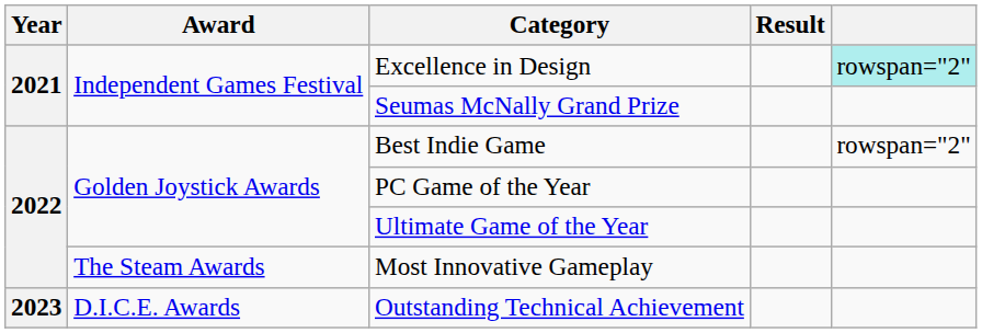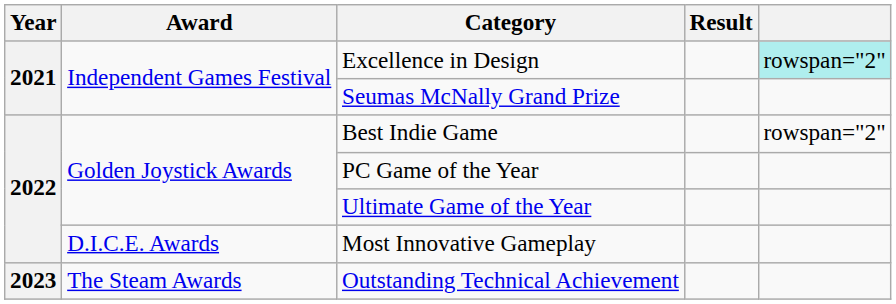 <table class="wikitable sortable plainrowheaders">
 <tr>
 <th scope="col">Year</th>
 <th scope="col">Award</th>
 <th scope="col">Category</th>
 <th scope="col">Result</th>
 <th scope="col" class="unsortable"></th>
 </tr>
 <tr>
 <th scope="row" rowspan="2">2021</th>
 <td rowspan="2"><a href='#'>Independent Games Festival</a></td>
 <td>Excellence in Design</td>
 <td></td>
 <td style="background: paleturquoise;">rowspan="2" </td>
 </tr>
 <tr>
 <td><a href='#'>Seumas McNally Grand Prize</a></td>
 <td></td>
 </tr>
 <tr>
 <th scope="row" rowspan="4">2022</th>
 <td rowspan="3"><a href='#'>Golden Joystick Awards</a></td>
 <td>Best Indie Game</td>
 <td></td>
 <td>rowspan="2" </td>
 </tr>
 <tr>
 <td>PC Game of the Year</td>
 <td></td>
 </tr>
 <tr>
 <td><a href='#'>Ultimate Game of the Year</a></td>
 <td></td>
 <td></td>
 </tr>
 <tr>
-<td><a href='#'>The Steam Awards</a></td>
+<td><a href='#'>D.I.C.E. Awards</a></td>
 <td>Most Innovative Gameplay</td>
 <td></td>
 <td></td>
 </tr>
 <tr>
 <th scope="row">2023</th>
-<td><a href='#'>D.I.C.E. Awards</a></td>
+<td><a href='#'>The Steam Awards</a></td>
 <td><a href='#'>Outstanding Technical Achievement</a></td>
 <td></td>
 <td></td>
 </tr>
 </table>
